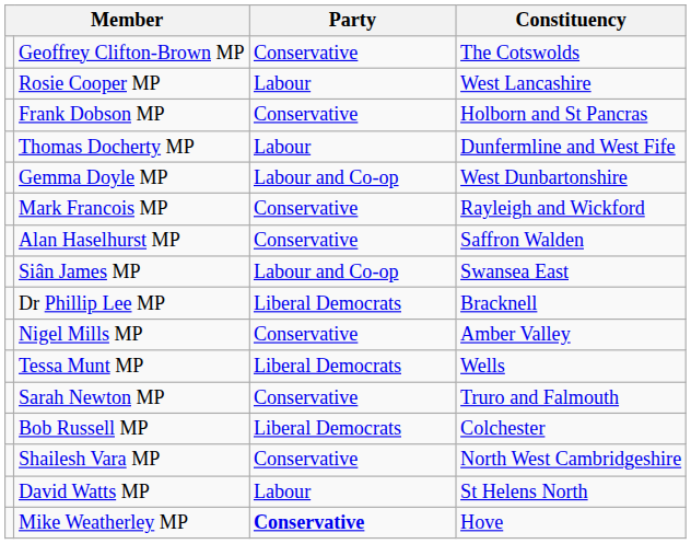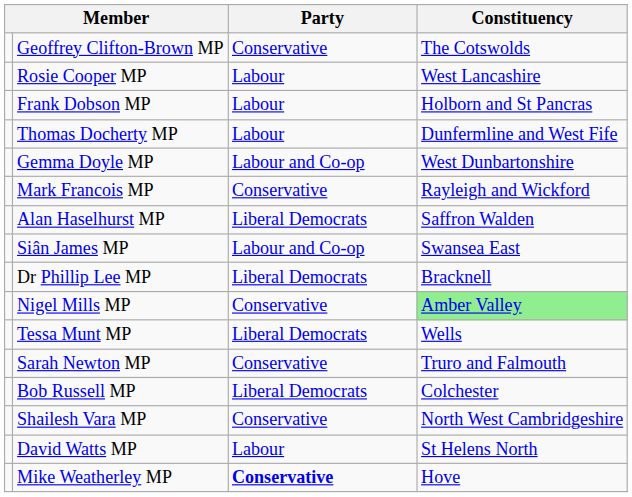 <table class="wikitable">
 <tr>
 <th width="160px" colspan="2" valign="top">Member</th>
 <th width="160px" valign="top">Party</th>
 <th valign="top">Constituency</th>
 </tr>
 <tr>
 <td style="color:inherit;background:"></td>
 <td><a href='#'>Geoffrey Clifton-Brown</a> MP</td>
 <td><a href='#'>Conservative</a></td>
 <td><a href='#'>The Cotswolds</a></td>
 </tr>
 <tr>
 <td style="color:inherit;background:"></td>
 <td><a href='#'>Rosie Cooper</a> MP</td>
 <td><a href='#'>Labour</a></td>
 <td><a href='#'>West Lancashire</a></td>
 </tr>
 <tr>
 <td style="color:inherit;background:"></td>
 <td><a href='#'>Frank Dobson</a> MP</td>
-<td><a href='#'>Conservative</a></td>
+<td><a href='#'>Labour</a></td>
 <td><a href='#'>Holborn and St Pancras</a></td>
 </tr>
 <tr>
 <td style="color:inherit;background:"></td>
 <td><a href='#'>Thomas Docherty</a> MP</td>
 <td><a href='#'>Labour</a></td>
 <td><a href='#'>Dunfermline and West Fife</a></td>
 </tr>
 <tr>
 <td style="color:inherit;background:"></td>
 <td><a href='#'>Gemma Doyle</a> MP</td>
 <td><a href='#'>Labour and Co-op</a></td>
 <td><a href='#'>West Dunbartonshire</a></td>
 </tr>
 <tr>
 <td style="color:inherit;background:"></td>
 <td><a href='#'>Mark Francois</a> MP</td>
 <td><a href='#'>Conservative</a></td>
 <td><a href='#'>Rayleigh and Wickford</a></td>
 </tr>
 <tr>
 <td style="color:inherit;background:"></td>
 <td><a href='#'>Alan Haselhurst</a> MP</td>
-<td><a href='#'>Conservative</a></td>
+<td><a href='#'>Liberal Democrats</a></td>
 <td><a href='#'>Saffron Walden</a></td>
 </tr>
 <tr>
 <td style="color:inherit;background:"></td>
 <td><a href='#'>Siân James</a> MP</td>
 <td><a href='#'>Labour and Co-op</a></td>
 <td><a href='#'>Swansea East</a></td>
 </tr>
 <tr>
 <td style="color:inherit;background:"></td>
 <td>Dr <a href='#'>Phillip Lee</a> MP</td>
 <td><a href='#'>Liberal Democrats</a></td>
 <td><a href='#'>Bracknell</a></td>
 </tr>
 <tr>
 <td style="color:inherit;background:"></td>
 <td><a href='#'>Nigel Mills</a> MP</td>
 <td><a href='#'>Conservative</a></td>
-<td><a href='#'>Amber Valley</a></td>
+<td style="background: lightgreen;"><a href='#'>Amber Valley</a></td>
 </tr>
 <tr>
 <td style="color:inherit;background:"></td>
 <td><a href='#'>Tessa Munt</a> MP</td>
 <td><a href='#'>Liberal Democrats</a></td>
 <td><a href='#'>Wells</a></td>
 </tr>
 <tr>
 <td style="color:inherit;background:"></td>
 <td><a href='#'>Sarah Newton</a> MP</td>
 <td><a href='#'>Conservative</a></td>
 <td><a href='#'>Truro and Falmouth</a></td>
 </tr>
 <tr>
 <td style="color:inherit;background:"></td>
 <td><a href='#'>Bob Russell</a> MP</td>
 <td><a href='#'>Liberal Democrats</a></td>
 <td><a href='#'>Colchester</a></td>
 </tr>
 <tr>
 <td style="color:inherit;background:"></td>
 <td><a href='#'>Shailesh Vara</a> MP</td>
 <td><a href='#'>Conservative</a></td>
 <td><a href='#'>North West Cambridgeshire</a></td>
 </tr>
 <tr>
 <td style="color:inherit;background:"></td>
 <td><a href='#'>David Watts</a> MP</td>
 <td><a href='#'>Labour</a></td>
 <td><a href='#'>St Helens North</a></td>
 </tr>
 <tr>
 <td style="color:inherit;background:"></td>
 <td><a href='#'>Mike Weatherley</a> MP</td>
 <td><strong><a href='#'>Conservative</a></strong></td>
 <td><a href='#'>Hove</a></td>
 </tr>
 </table>
